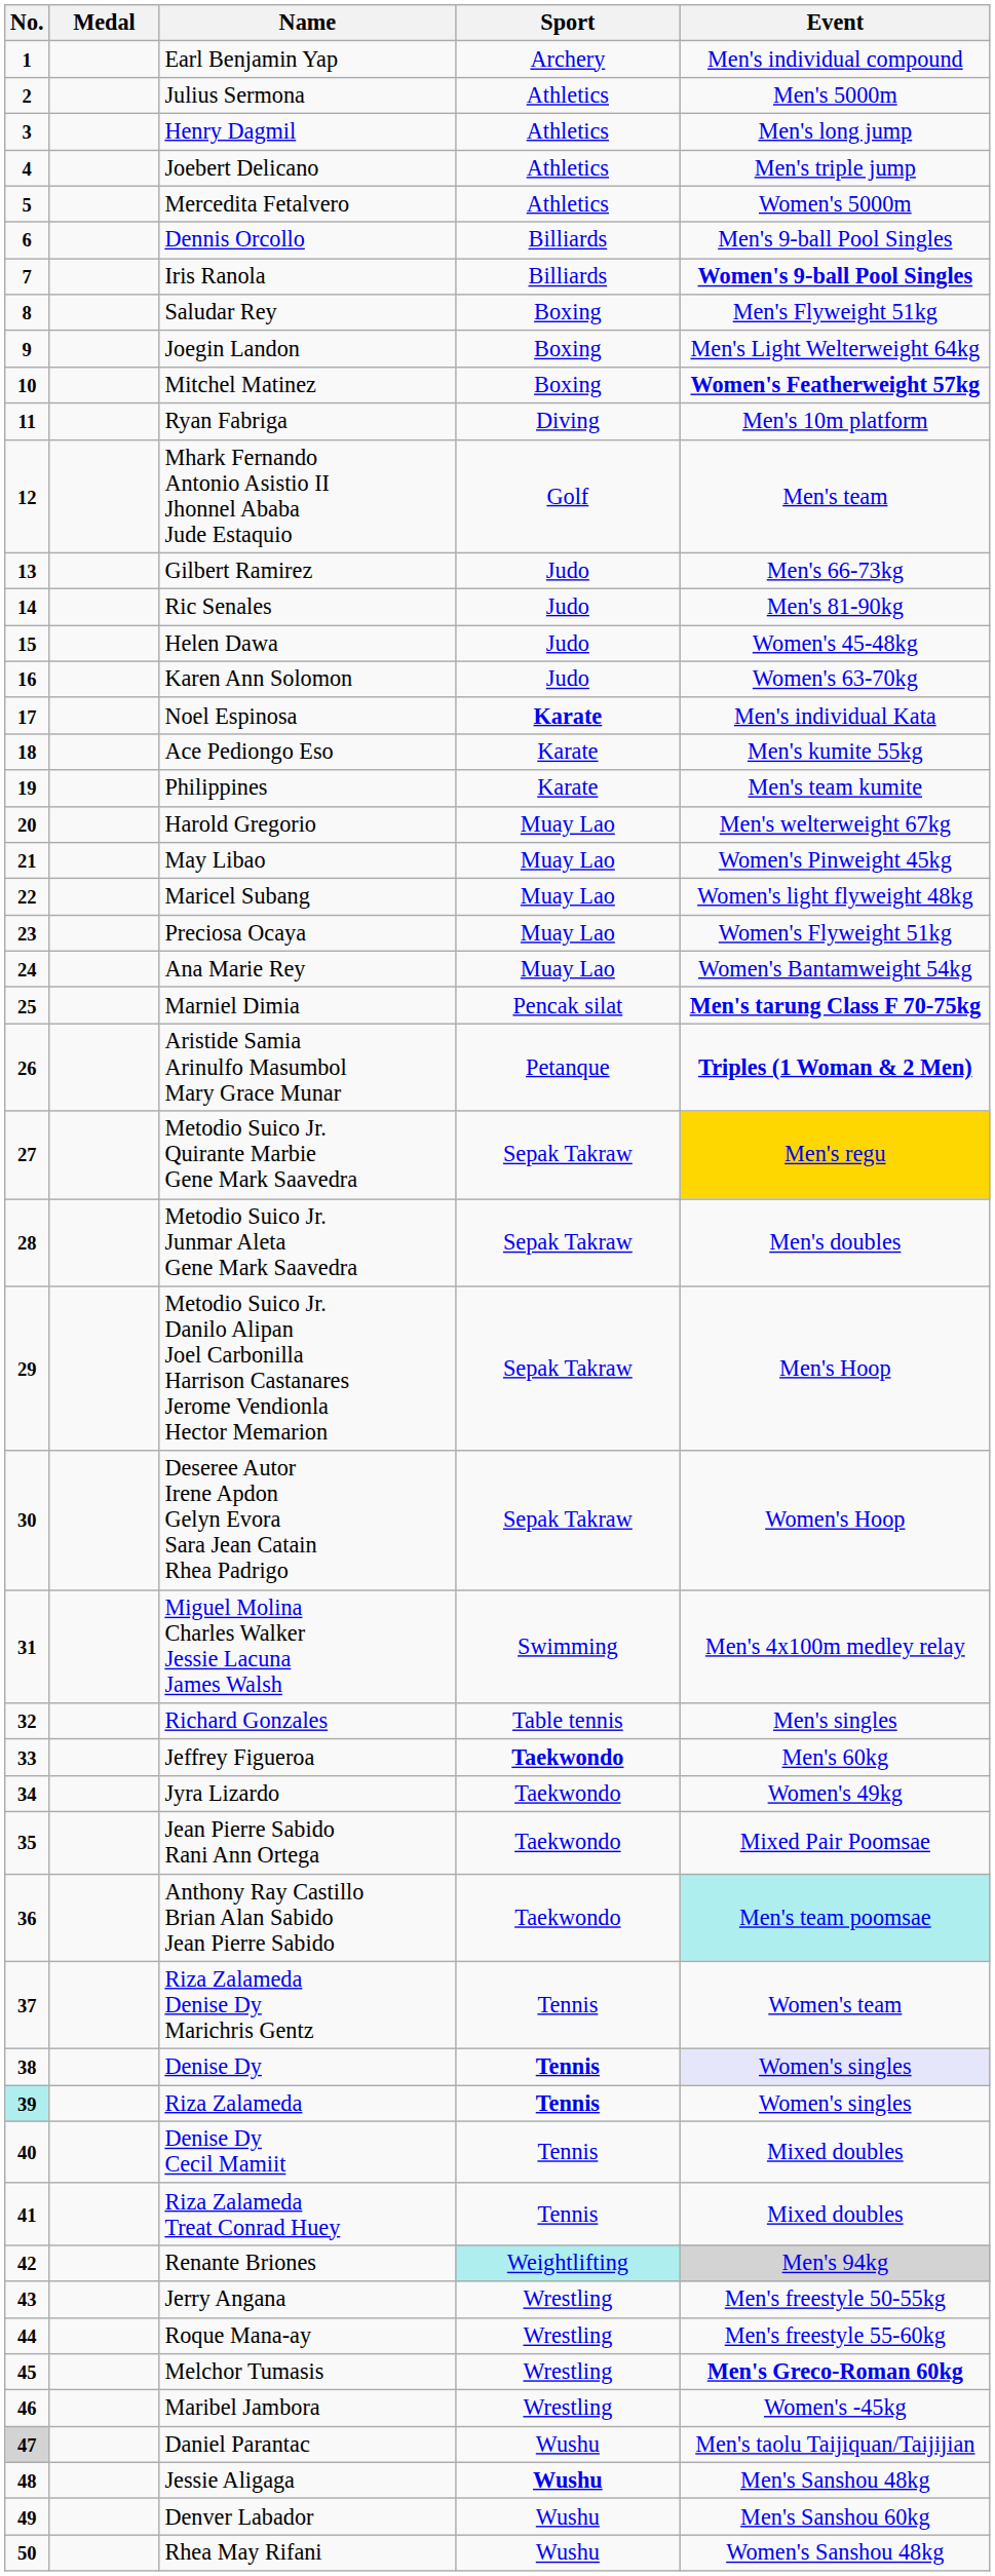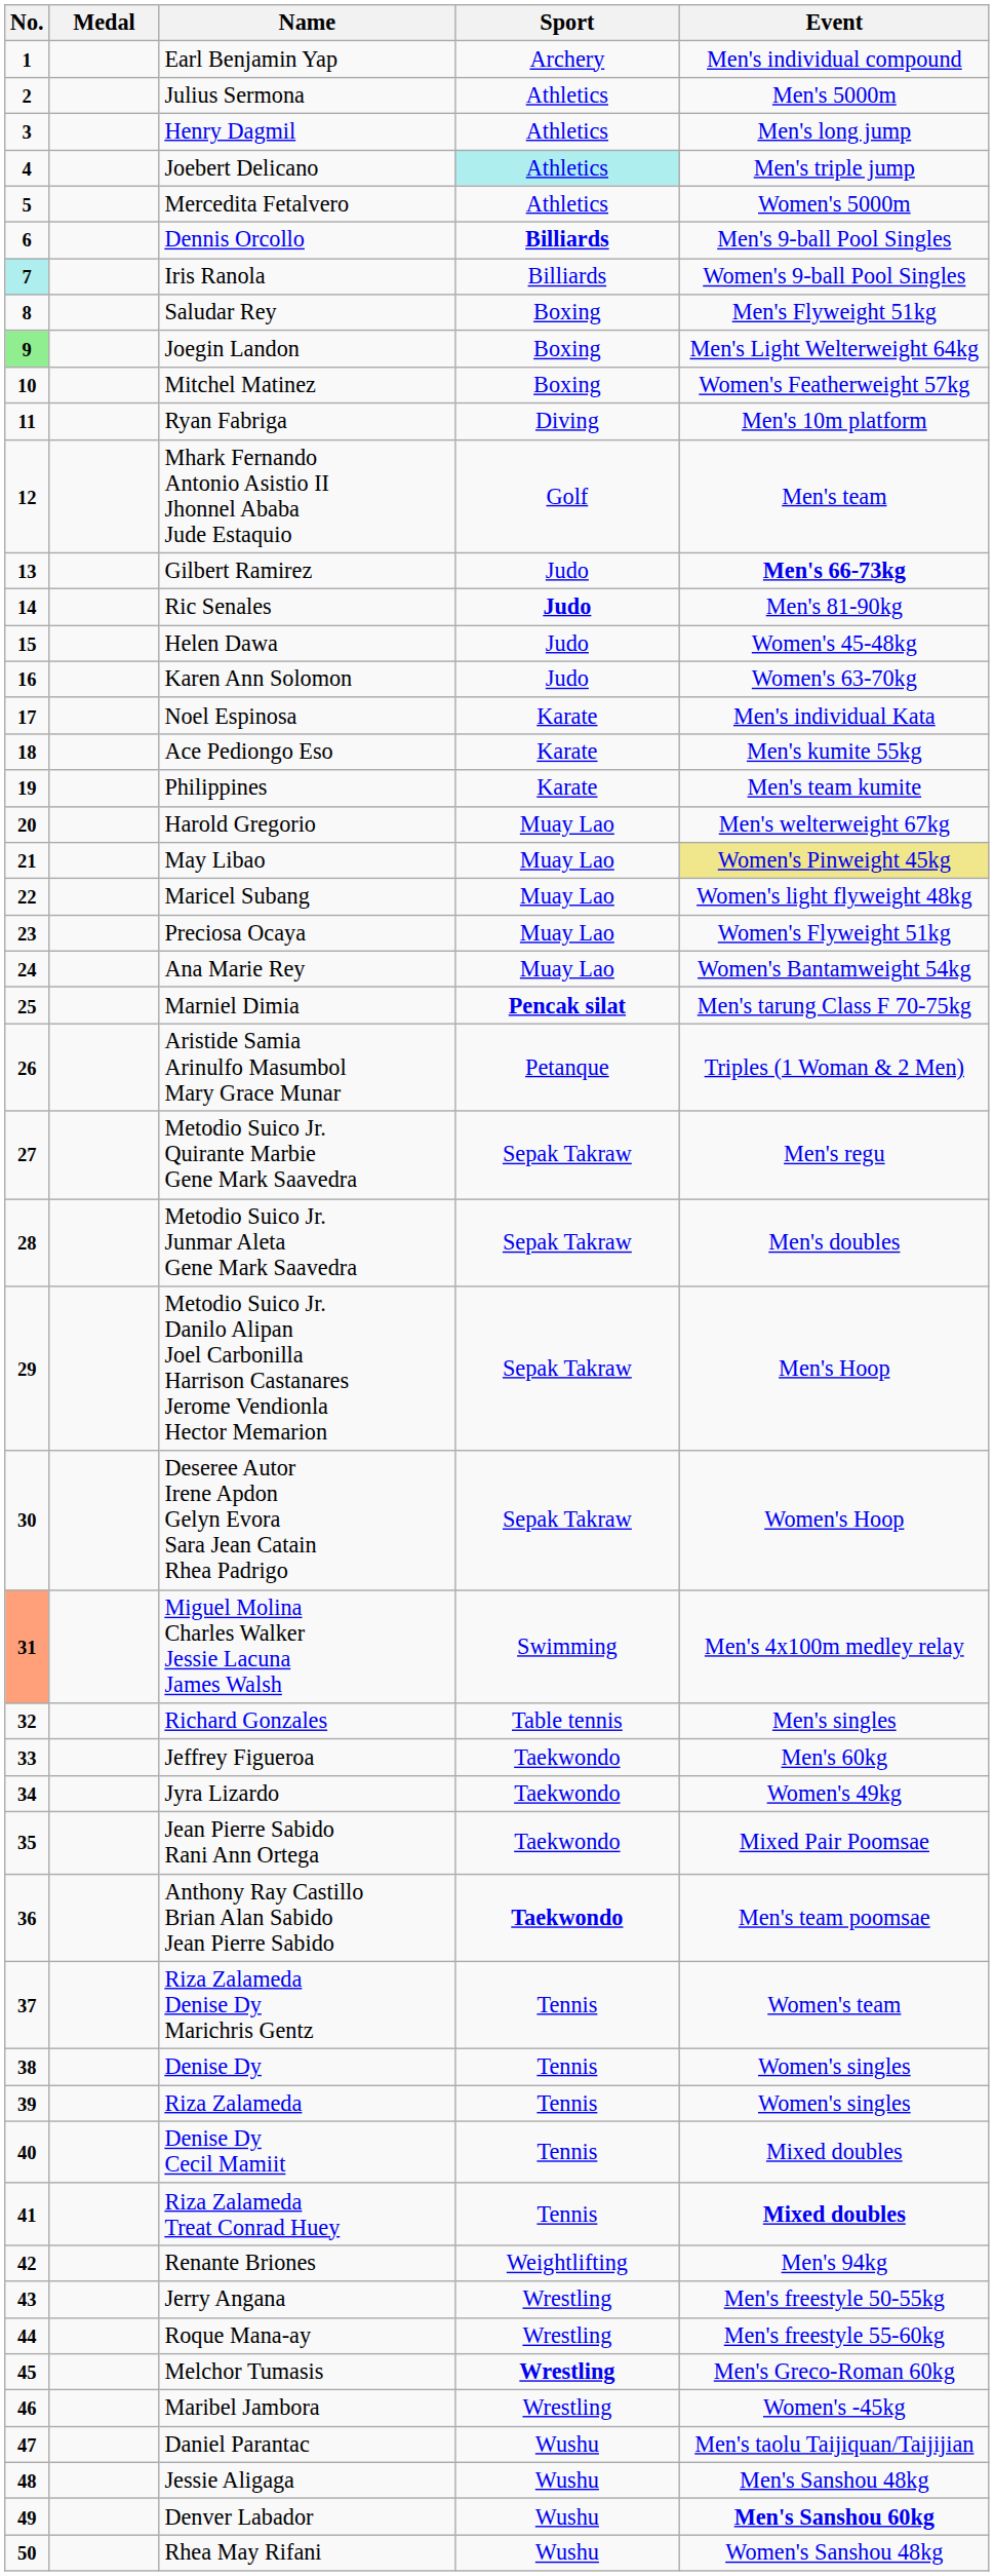 <table class="wikitable" style="font-size:100%; text-align:center;">
 <tr>
 <th width="10">No.</th>
 <th width="70">Medal</th>
 <th width="200">Name</th>
 <th width="150">Sport</th>
 <th width="210">Event</th>
 </tr>
 <tr>
 <td><small><strong>1</strong></small></td>
 <td></td>
 <td align=left>Earl Benjamin Yap</td>
 <td> <a href='#'>Archery</a></td>
 <td><a href='#'>Men's individual compound</a></td>
 </tr>
 <tr>
 <td><small><strong>2</strong></small></td>
 <td></td>
 <td align=left>Julius Sermona</td>
 <td> <a href='#'>Athletics</a></td>
 <td><a href='#'>Men's 5000m</a></td>
 </tr>
 <tr>
 <td><small><strong>3</strong></small></td>
 <td></td>
 <td align=left><a href='#'>Henry Dagmil</a></td>
 <td> <a href='#'>Athletics</a></td>
 <td><a href='#'>Men's long jump</a></td>
 </tr>
 <tr>
 <td><small><strong>4</strong></small></td>
 <td></td>
 <td align=left>Joebert Delicano</td>
-<td> <a href='#'>Athletics</a></td>
+<td style="background: paleturquoise;"> <a href='#'>Athletics</a></td>
 <td><a href='#'>Men's triple jump</a></td>
 </tr>
 <tr>
 <td><small><strong>5</strong></small></td>
 <td></td>
 <td align=left>Mercedita Fetalvero</td>
 <td> <a href='#'>Athletics</a></td>
 <td><a href='#'>Women's 5000m</a></td>
 </tr>
 <tr>
 <td><small><strong>6</strong></small></td>
 <td></td>
 <td align=left><a href='#'>Dennis Orcollo</a></td>
-<td> <a href='#'>Billiards</a></td>
+<td><strong> <a href='#'>Billiards</a></strong></td>
 <td><a href='#'>Men's 9-ball Pool Singles</a></td>
 </tr>
 <tr>
-<td><small><strong>7</strong></small></td>
+<td style="background: paleturquoise;"><small><strong>7</strong></small></td>
 <td></td>
 <td align=left>Iris Ranola</td>
 <td> <a href='#'>Billiards</a></td>
-<td><strong><a href='#'>Women's 9-ball Pool Singles</a></strong></td>
+<td><a href='#'>Women's 9-ball Pool Singles</a></td>
 </tr>
 <tr>
 <td><small><strong>8</strong></small></td>
 <td></td>
 <td align=left>Saludar Rey</td>
 <td> <a href='#'>Boxing</a></td>
 <td><a href='#'>Men's Flyweight 51kg</a></td>
 </tr>
 <tr>
-<td><small><strong>9</strong></small></td>
+<td style="background: lightgreen;"><small><strong>9</strong></small></td>
 <td></td>
 <td align=left>Joegin Landon</td>
 <td> <a href='#'>Boxing</a></td>
 <td><a href='#'>Men's Light Welterweight 64kg</a></td>
 </tr>
 <tr>
 <td><small><strong>10</strong></small></td>
 <td></td>
 <td align=left>Mitchel Matinez</td>
 <td> <a href='#'>Boxing</a></td>
-<td><strong><a href='#'>Women's Featherweight 57kg</a></strong></td>
+<td><a href='#'>Women's Featherweight 57kg</a></td>
 </tr>
 <tr>
 <td><small><strong>11</strong></small></td>
 <td></td>
 <td align=left>Ryan Fabriga</td>
 <td> <a href='#'>Diving</a></td>
 <td><a href='#'>Men's 10m platform</a></td>
 </tr>
 <tr>
 <td><small><strong>12</strong></small></td>
 <td></td>
 <td align=left>Mhark Fernando<br>Antonio Asistio II<br>Jhonnel Ababa<br>Jude Estaquio</td>
 <td> <a href='#'>Golf</a></td>
 <td><a href='#'>Men's team</a></td>
 </tr>
 <tr>
 <td><small><strong>13</strong></small></td>
 <td></td>
 <td align=left>Gilbert Ramirez</td>
 <td> <a href='#'>Judo</a></td>
-<td><a href='#'>Men's 66-73kg</a></td>
+<td><strong><a href='#'>Men's 66-73kg</a></strong></td>
 </tr>
 <tr>
 <td><small><strong>14</strong></small></td>
 <td></td>
 <td align=left>Ric Senales</td>
-<td> <a href='#'>Judo</a></td>
+<td><strong> <a href='#'>Judo</a></strong></td>
 <td><a href='#'>Men's 81-90kg</a></td>
 </tr>
 <tr>
 <td><small><strong>15</strong></small></td>
 <td></td>
 <td align=left>Helen Dawa</td>
 <td> <a href='#'>Judo</a></td>
 <td><a href='#'>Women's 45-48kg</a></td>
 </tr>
 <tr>
 <td><small><strong>16</strong></small></td>
 <td></td>
 <td align=left>Karen Ann Solomon</td>
 <td> <a href='#'>Judo</a></td>
 <td><a href='#'>Women's 63-70kg</a></td>
 </tr>
 <tr>
 <td><small><strong>17</strong></small></td>
 <td></td>
 <td align=left>Noel Espinosa</td>
-<td><strong> <a href='#'>Karate</a></strong></td>
+<td> <a href='#'>Karate</a></td>
 <td><a href='#'>Men's individual Kata</a></td>
 </tr>
 <tr>
 <td><small><strong>18</strong></small></td>
 <td></td>
 <td align=left>Ace Pediongo Eso</td>
 <td> <a href='#'>Karate</a></td>
 <td><a href='#'>Men's kumite 55kg</a></td>
 </tr>
 <tr>
 <td><small><strong>19</strong></small></td>
 <td></td>
 <td align=left>Philippines</td>
 <td> <a href='#'>Karate</a></td>
 <td><a href='#'>Men's team kumite</a></td>
 </tr>
 <tr>
 <td><small><strong>20</strong></small></td>
 <td></td>
 <td align=left>Harold Gregorio</td>
 <td> <a href='#'>Muay Lao</a></td>
 <td><a href='#'>Men's welterweight 67kg</a></td>
 </tr>
 <tr>
 <td><small><strong>21</strong></small></td>
 <td></td>
 <td align=left>May Libao</td>
 <td> <a href='#'>Muay Lao</a></td>
-<td><a href='#'>Women's Pinweight 45kg</a></td>
+<td style="background: khaki;"><a href='#'>Women's Pinweight 45kg</a></td>
 </tr>
 <tr>
 <td><small><strong>22</strong></small></td>
 <td></td>
 <td align=left>Maricel Subang</td>
 <td> <a href='#'>Muay Lao</a></td>
 <td><a href='#'>Women's light flyweight 48kg</a></td>
 </tr>
 <tr>
 <td><small><strong>23</strong></small></td>
 <td></td>
 <td align=left>Preciosa Ocaya</td>
 <td> <a href='#'>Muay Lao</a></td>
 <td><a href='#'>Women's Flyweight 51kg</a></td>
 </tr>
 <tr>
 <td><small><strong>24</strong></small></td>
 <td></td>
 <td align=left>Ana Marie Rey</td>
 <td> <a href='#'>Muay Lao</a></td>
 <td><a href='#'>Women's Bantamweight 54kg</a></td>
 </tr>
 <tr>
 <td><small><strong>25</strong></small></td>
 <td></td>
 <td align=left>Marniel Dimia</td>
-<td> <a href='#'>Pencak silat</a></td>
-<td><strong><a href='#'>Men's tarung Class F 70-75kg</a></strong></td>
+<td><strong> <a href='#'>Pencak silat</a></strong></td>
+<td><a href='#'>Men's tarung Class F 70-75kg</a></td>
 </tr>
 <tr>
 <td><small><strong>26</strong></small></td>
 <td></td>
 <td align=left>Aristide Samia<br>Arinulfo Masumbol<br>Mary Grace Munar</td>
 <td> <a href='#'>Petanque</a></td>
-<td><strong><a href='#'>Triples (1 Woman & 2 Men)</a></strong></td>
+<td><a href='#'>Triples (1 Woman & 2 Men)</a></td>
 </tr>
 <tr>
 <td><small><strong>27</strong></small></td>
 <td></td>
 <td align=left>Metodio Suico Jr.<br>Quirante Marbie<br>Gene Mark Saavedra</td>
 <td> <a href='#'>Sepak Takraw</a></td>
-<td style="background: gold;"><a href='#'>Men's regu</a></td>
+<td><a href='#'>Men's regu</a></td>
 </tr>
 <tr>
 <td><small><strong>28</strong></small></td>
 <td></td>
 <td align=left>Metodio Suico Jr.<br>Junmar Aleta<br>Gene Mark Saavedra</td>
 <td> <a href='#'>Sepak Takraw</a></td>
 <td><a href='#'>Men's doubles</a></td>
 </tr>
 <tr>
 <td><small><strong>29</strong></small></td>
 <td></td>
 <td align=left>Metodio Suico Jr.<br>Danilo Alipan<br>Joel Carbonilla<br>Harrison Castanares<br>Jerome Vendionla<br>Hector Memarion</td>
 <td> <a href='#'>Sepak Takraw</a></td>
 <td><a href='#'>Men's Hoop</a></td>
 </tr>
 <tr>
 <td><small><strong>30</strong></small></td>
 <td></td>
 <td align=left>Deseree Autor<br>Irene Apdon<br>Gelyn Evora<br>Sara Jean Catain<br>Rhea Padrigo</td>
 <td> <a href='#'>Sepak Takraw</a></td>
 <td><a href='#'>Women's Hoop</a></td>
 </tr>
 <tr>
-<td><small><strong>31</strong></small></td>
+<td style="background: lightsalmon;"><small><strong>31</strong></small></td>
 <td></td>
 <td align=left><a href='#'>Miguel Molina</a><br>Charles Walker<br><a href='#'>Jessie Lacuna</a><br><a href='#'>James Walsh</a></td>
 <td> <a href='#'>Swimming</a></td>
 <td><a href='#'>Men's 4x100m medley relay</a></td>
 </tr>
 <tr>
 <td><small><strong>32</strong></small></td>
 <td></td>
 <td align=left><a href='#'>Richard Gonzales</a></td>
 <td> <a href='#'>Table tennis</a></td>
 <td><a href='#'>Men's singles</a></td>
 </tr>
 <tr>
 <td><small><strong>33</strong></small></td>
 <td></td>
 <td align=left>Jeffrey Figueroa</td>
-<td><strong> <a href='#'>Taekwondo</a></strong></td>
+<td> <a href='#'>Taekwondo</a></td>
 <td><a href='#'>Men's 60kg</a></td>
 </tr>
 <tr>
 <td><small><strong>34</strong></small></td>
 <td></td>
 <td align=left>Jyra Lizardo</td>
 <td> <a href='#'>Taekwondo</a></td>
 <td><a href='#'>Women's 49kg</a></td>
 </tr>
 <tr>
 <td><small><strong>35</strong></small></td>
 <td></td>
 <td align=left>Jean Pierre Sabido<br>Rani Ann Ortega</td>
 <td> <a href='#'>Taekwondo</a></td>
 <td><a href='#'>Mixed Pair Poomsae</a></td>
 </tr>
 <tr>
 <td><small><strong>36</strong></small></td>
 <td></td>
 <td align=left>Anthony Ray Castillo<br>Brian Alan Sabido<br>Jean Pierre Sabido</td>
-<td> <a href='#'>Taekwondo</a></td>
-<td style="background: paleturquoise;"><a href='#'>Men's team poomsae</a></td>
+<td><strong> <a href='#'>Taekwondo</a></strong></td>
+<td><a href='#'>Men's team poomsae</a></td>
 </tr>
 <tr>
 <td><small><strong>37</strong></small></td>
 <td></td>
 <td align=left><a href='#'>Riza Zalameda</a><br><a href='#'>Denise Dy</a><br>Marichris Gentz</td>
 <td> <a href='#'>Tennis</a></td>
 <td><a href='#'>Women's team</a></td>
 </tr>
 <tr>
 <td><small><strong>38</strong></small></td>
 <td></td>
 <td align=left><a href='#'>Denise Dy</a></td>
-<td><strong> <a href='#'>Tennis</a></strong></td>
-<td style="background: lavender;"><a href='#'>Women's singles</a></td>
+<td> <a href='#'>Tennis</a></td>
+<td><a href='#'>Women's singles</a></td>
 </tr>
 <tr>
-<td style="background: paleturquoise;"><small><strong>39</strong></small></td>
+<td><small><strong>39</strong></small></td>
 <td></td>
 <td align=left><a href='#'>Riza Zalameda</a></td>
-<td><strong> <a href='#'>Tennis</a></strong></td>
+<td> <a href='#'>Tennis</a></td>
 <td><a href='#'>Women's singles</a></td>
 </tr>
 <tr>
 <td><small><strong>40</strong></small></td>
 <td></td>
 <td align=left><a href='#'>Denise Dy</a><br><a href='#'>Cecil Mamiit</a></td>
 <td> <a href='#'>Tennis</a></td>
 <td><a href='#'>Mixed doubles</a></td>
 </tr>
 <tr>
 <td><small><strong>41</strong></small></td>
 <td></td>
 <td align=left><a href='#'>Riza Zalameda</a><br><a href='#'>Treat Conrad Huey</a></td>
 <td> <a href='#'>Tennis</a></td>
-<td><a href='#'>Mixed doubles</a></td>
+<td><strong><a href='#'>Mixed doubles</a></strong></td>
 </tr>
 <tr>
 <td><small><strong>42</strong></small></td>
 <td></td>
 <td align=left>Renante Briones</td>
-<td style="background: paleturquoise;"> <a href='#'>Weightlifting</a></td>
-<td style="background: lightgrey;"><a href='#'>Men's 94kg</a></td>
+<td> <a href='#'>Weightlifting</a></td>
+<td><a href='#'>Men's 94kg</a></td>
 </tr>
 <tr>
 <td><small><strong>43</strong></small></td>
 <td></td>
 <td align=left>Jerry Angana</td>
 <td> <a href='#'>Wrestling</a></td>
 <td><a href='#'>Men's freestyle 50-55kg</a></td>
 </tr>
 <tr>
 <td><small><strong>44</strong></small></td>
 <td></td>
 <td align=left>Roque Mana-ay</td>
 <td> <a href='#'>Wrestling</a></td>
 <td><a href='#'>Men's freestyle 55-60kg</a></td>
 </tr>
 <tr>
 <td><small><strong>45</strong></small></td>
 <td></td>
 <td align=left>Melchor Tumasis</td>
-<td> <a href='#'>Wrestling</a></td>
-<td><strong><a href='#'>Men's Greco-Roman 60kg</a></strong></td>
+<td><strong> <a href='#'>Wrestling</a></strong></td>
+<td><a href='#'>Men's Greco-Roman 60kg</a></td>
 </tr>
 <tr>
 <td><small><strong>46</strong></small></td>
 <td></td>
 <td align=left>Maribel Jambora</td>
 <td> <a href='#'>Wrestling</a></td>
 <td><a href='#'>Women's -45kg</a></td>
 </tr>
 <tr>
-<td style="background: lightgrey;"><small><strong>47</strong></small></td>
+<td><small><strong>47</strong></small></td>
 <td></td>
 <td align=left>Daniel Parantac</td>
 <td> <a href='#'>Wushu</a></td>
 <td><a href='#'>Men's taolu Taijiquan/Taijijian</a></td>
 </tr>
 <tr>
 <td><small><strong>48</strong></small></td>
 <td></td>
 <td align=left>Jessie Aligaga</td>
-<td><strong> <a href='#'>Wushu</a></strong></td>
+<td> <a href='#'>Wushu</a></td>
 <td><a href='#'>Men's Sanshou 48kg</a></td>
 </tr>
 <tr>
 <td><small><strong>49</strong></small></td>
 <td></td>
 <td align=left>Denver Labador</td>
 <td> <a href='#'>Wushu</a></td>
-<td><a href='#'>Men's Sanshou 60kg</a></td>
+<td><strong><a href='#'>Men's Sanshou 60kg</a></strong></td>
 </tr>
 <tr>
 <td><small><strong>50</strong></small></td>
 <td></td>
 <td align=left>Rhea May Rifani</td>
 <td> <a href='#'>Wushu</a></td>
 <td><a href='#'>Women's Sanshou 48kg</a></td>
 </tr>
 </table>
